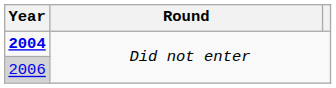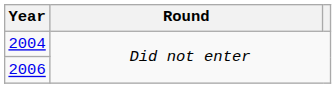 <table class="wikitable" style="text-align: center; font-size:90%">
 <tr>
 <th>Year</th>
 <th style="width:200px">Round</th>
 <th></th>
 </tr>
 <tr>
-<td><strong><a href='#'>2004</a></strong></td>
+<td><a href='#'>2004</a></td>
 <td colspan="2" rowspan="2"><em>Did not enter</em></td>
 </tr>
 <tr>
-<td style="background: lightgrey;"><a href='#'>2006</a></td>
+<td><a href='#'>2006</a></td>
 </tr>
 </table>
